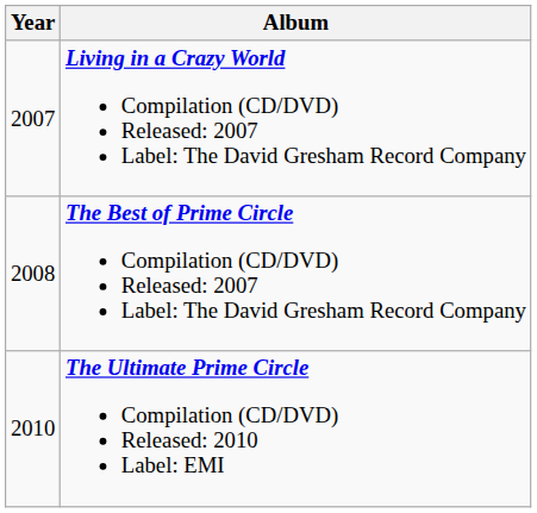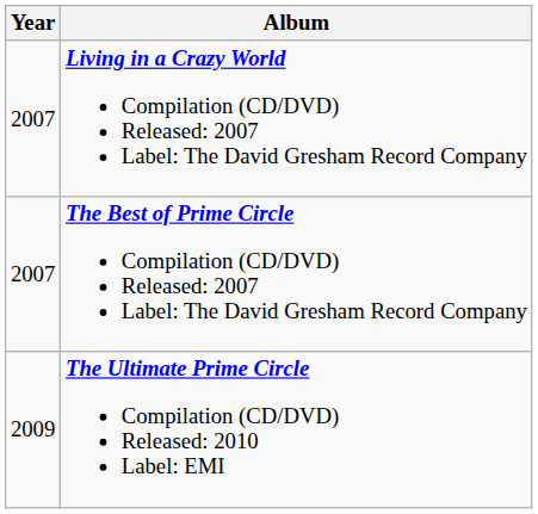 <table class="wikitable">
 <tr>
 <th>Year</th>
 <th>Album</th>
 </tr>
 <tr>
 <td>2007</td>
 <td><strong><em><a href='#'>Living in a Crazy World</a></em></strong><br><ul><li>Compilation (CD/DVD)</li><li>Released: 2007</li><li>Label: The David Gresham Record Company</li></ul></td>
 </tr>
 <tr>
-<td>2008</td>
+<td>2007</td>
 <td><strong><em><a href='#'>The Best of Prime Circle</a></em></strong><br><ul><li>Compilation (CD/DVD)</li><li>Released: 2007</li><li>Label: The David Gresham Record Company</li></ul></td>
 </tr>
 <tr>
-<td>2010</td>
+<td>2009</td>
 <td><strong><em><a href='#'>The Ultimate Prime Circle</a></em></strong><br><ul><li>Compilation (CD/DVD)</li><li>Released: 2010</li><li>Label: EMI</li></ul></td>
 </tr>
 </table>
